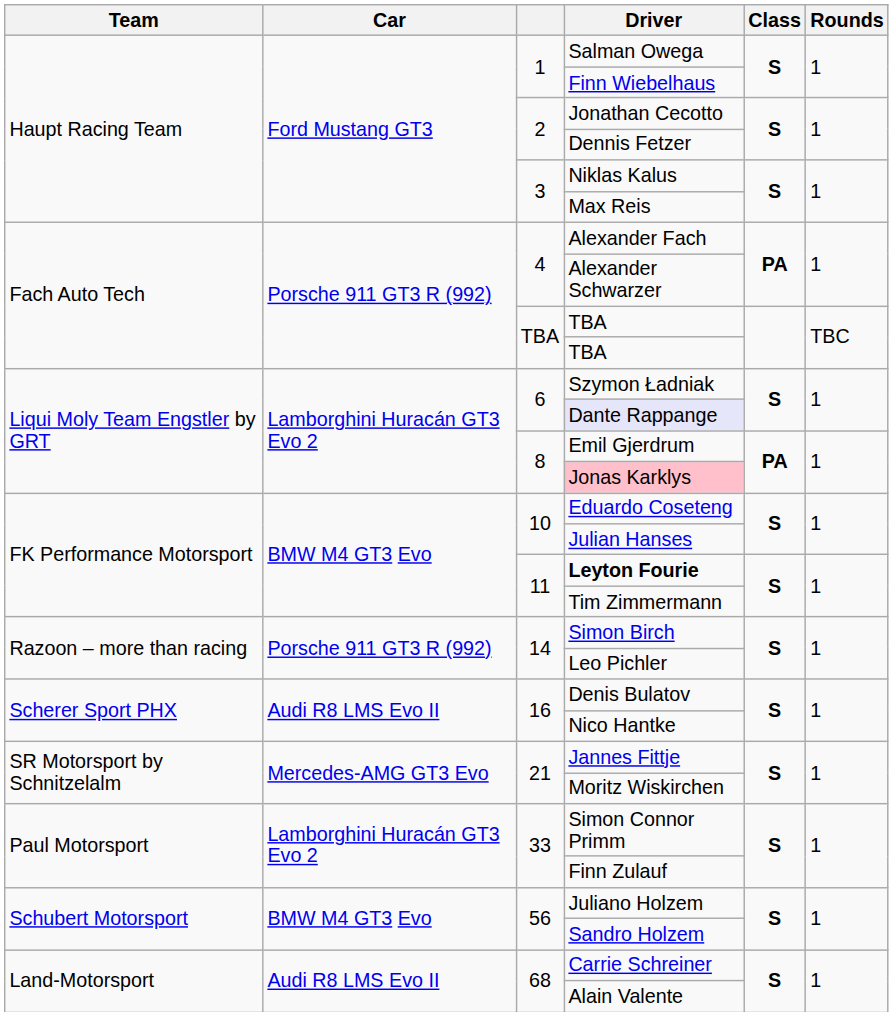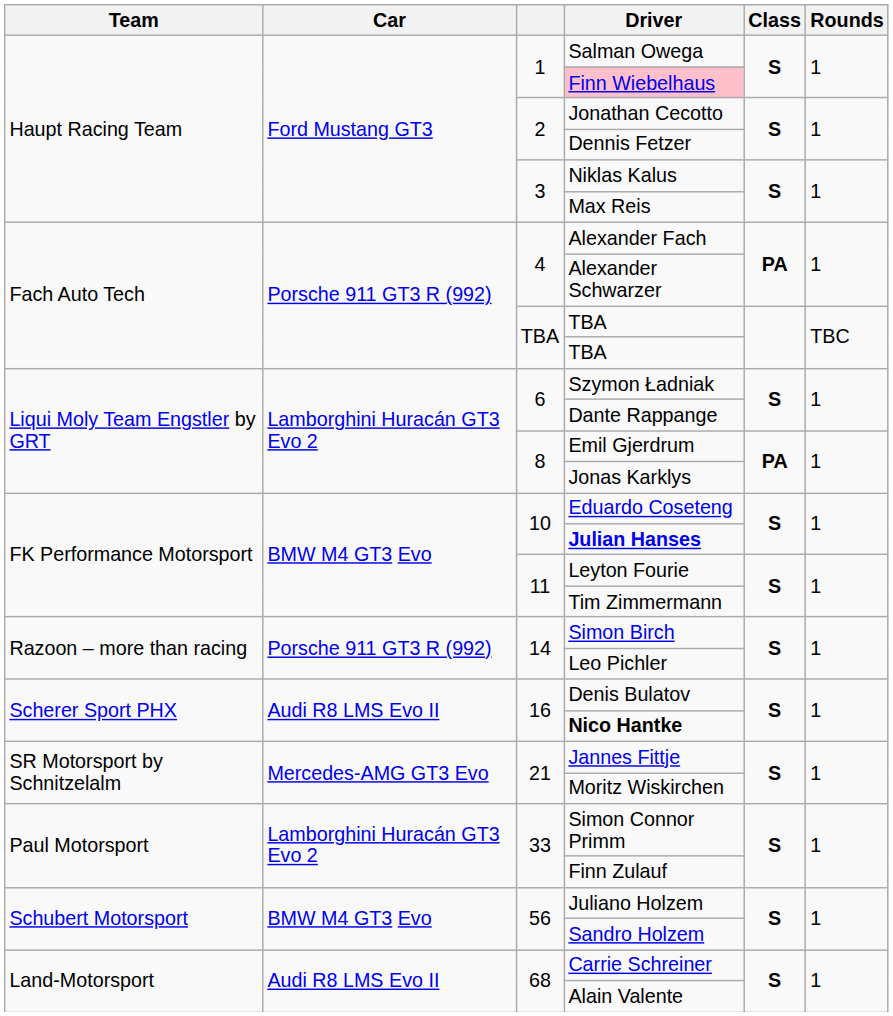 <table class="wikitable" style="font-size: 85%;">
 <tr>
 <th>Team</th>
 <th>Car</th>
 <th></th>
 <th>Driver</th>
 <th>Class</th>
 <th>Rounds</th>
 </tr>
 <tr>
 <td rowspan="6"> Haupt Racing Team</td>
 <td rowspan="6"><a href='#'>Ford Mustang GT3</a></td>
 <td rowspan="2" align="center">1</td>
 <td> Salman Owega</td>
 <td rowspan="2" align="center"><strong><span>S</span></strong></td>
 <td rowspan="2">1</td>
 </tr>
 <tr>
-<td> <a href='#'>Finn Wiebelhaus</a></td>
+<td style="background: pink;"> <a href='#'>Finn Wiebelhaus</a></td>
 </tr>
 <tr>
 <td rowspan="2" align="center">2</td>
 <td> Jonathan Cecotto</td>
 <td rowspan="2" align="center"><strong><span>S</span></strong></td>
 <td rowspan="2">1</td>
 </tr>
 <tr>
 <td> Dennis Fetzer</td>
 </tr>
 <tr>
 <td rowspan="2" align="center">3</td>
 <td> Niklas Kalus</td>
 <td rowspan="2" align="center"><strong><span>S</span></strong></td>
 <td rowspan="2">1</td>
 </tr>
 <tr>
 <td> Max Reis</td>
 </tr>
 <tr>
 <td rowspan="4"> Fach Auto Tech</td>
 <td rowspan="4"><a href='#'>Porsche 911 GT3 R (992)</a></td>
 <td rowspan="2" align="center">4</td>
 <td> Alexander Fach</td>
 <td rowspan="2" align="center"><strong><span>PA</span></strong></td>
 <td rowspan="2">1</td>
 </tr>
 <tr>
 <td> Alexander Schwarzer</td>
 </tr>
 <tr>
 <td rowspan="2" align="center">TBA</td>
 <td> TBA</td>
 <td rowspan="2" align="center"></td>
 <td rowspan="2">TBC</td>
 </tr>
 <tr>
 <td> TBA</td>
 </tr>
 <tr>
 <td rowspan="4"> <a href='#'>Liqui Moly Team Engstler</a> by <a href='#'>GRT</a></td>
 <td rowspan="4"><a href='#'>Lamborghini Huracán GT3 Evo 2</a></td>
 <td rowspan="2" align="center">6</td>
 <td> Szymon Ładniak</td>
 <td rowspan="2" align="center"><strong><span>S</span></strong></td>
 <td rowspan="2">1</td>
 </tr>
 <tr>
-<td style="background: lavender;"> Dante Rappange</td>
+<td> Dante Rappange</td>
 </tr>
 <tr>
 <td rowspan="2" align="center">8</td>
 <td> Emil Gjerdrum</td>
 <td rowspan="2" align="center"><strong><span>PA</span></strong></td>
 <td rowspan="2">1</td>
 </tr>
 <tr>
-<td style="background: pink;"> Jonas Karklys</td>
+<td> Jonas Karklys</td>
 </tr>
 <tr>
 <td rowspan="4"> FK Performance Motorsport</td>
 <td rowspan="4"><a href='#'>BMW M4 GT3</a> <a href='#'>Evo</a></td>
 <td rowspan="2" align="center">10</td>
 <td> <a href='#'>Eduardo Coseteng</a></td>
 <td rowspan="2" align="center"><strong><span>S</span></strong></td>
 <td rowspan="2">1</td>
 </tr>
 <tr>
-<td> <a href='#'>Julian Hanses</a></td>
+<td><strong> <a href='#'>Julian Hanses</a></strong></td>
 </tr>
 <tr>
 <td rowspan="2" align="center">11</td>
-<td><strong> Leyton Fourie</strong></td>
+<td> Leyton Fourie</td>
 <td rowspan="2" align="center"><strong><span>S</span></strong></td>
 <td rowspan="2">1</td>
 </tr>
 <tr>
 <td> Tim Zimmermann</td>
 </tr>
 <tr>
 <td rowspan="2"> Razoon – more than racing</td>
 <td rowspan="2"><a href='#'>Porsche 911 GT3 R (992)</a></td>
 <td rowspan="2" align="center">14</td>
 <td> <a href='#'>Simon Birch</a></td>
 <td rowspan="2" align="center"><strong><span>S</span></strong></td>
 <td rowspan="2">1</td>
 </tr>
 <tr>
 <td> Leo Pichler</td>
 </tr>
 <tr>
 <td rowspan="2"> <a href='#'>Scherer Sport PHX</a></td>
 <td rowspan="2"><a href='#'>Audi R8 LMS Evo II</a></td>
 <td rowspan="2" align="center">16</td>
 <td> Denis Bulatov</td>
 <td rowspan="2" align="center"><strong><span>S</span></strong></td>
 <td rowspan="2">1</td>
 </tr>
 <tr>
-<td> Nico Hantke</td>
+<td><strong> Nico Hantke</strong></td>
 </tr>
 <tr>
 <td rowspan="2"> SR Motorsport by Schnitzelalm</td>
 <td rowspan="2"><a href='#'>Mercedes-AMG GT3 Evo</a></td>
 <td rowspan="2" align="center">21</td>
 <td> <a href='#'>Jannes Fittje</a></td>
 <td rowspan="2" align="center"><strong><span>S</span></strong></td>
 <td rowspan="2">1</td>
 </tr>
 <tr>
 <td> Moritz Wiskirchen</td>
 </tr>
 <tr>
 <td rowspan="2"> Paul Motorsport</td>
 <td rowspan="2"><a href='#'>Lamborghini Huracán GT3 Evo 2</a></td>
 <td rowspan="2" align="center">33</td>
 <td> Simon Connor Primm</td>
 <td rowspan="2" align="center"><strong><span>S</span></strong></td>
 <td rowspan="2">1</td>
 </tr>
 <tr>
 <td> Finn Zulauf</td>
 </tr>
 <tr>
 <td rowspan="2"> <a href='#'>Schubert Motorsport</a></td>
 <td rowspan="2"><a href='#'>BMW M4 GT3</a> <a href='#'>Evo</a></td>
 <td rowspan="2" align="center">56</td>
 <td> Juliano Holzem</td>
 <td rowspan="2" align="center"><strong><span>S</span></strong></td>
 <td rowspan="2">1</td>
 </tr>
 <tr>
 <td> <a href='#'>Sandro Holzem</a></td>
 </tr>
 <tr>
 <td rowspan="2"> Land-Motorsport</td>
 <td rowspan="2"><a href='#'>Audi R8 LMS Evo II</a></td>
 <td rowspan="2" align="center">68</td>
 <td> <a href='#'>Carrie Schreiner</a></td>
 <td rowspan="2" align="center"><strong><span>S</span></strong></td>
 <td rowspan="2">1</td>
 </tr>
 <tr>
 <td> Alain Valente</td>
 </tr>
 </table>
